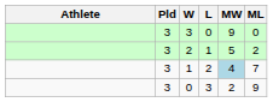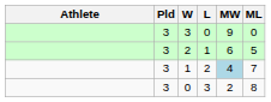 <table class="wikitable" style="text-align:center">
 <tr>
 <th width=200>Athlete</th>
 <th width=20>Pld</th>
 <th width=20>W</th>
 <th width=20>L</th>
 <th width=20>MW</th>
 <th width=20>ML</th>
 </tr>
 <tr bgcolor="ccffcc">
 <td style="text-align:left"></td>
 <td>3</td>
 <td>3</td>
 <td>0</td>
 <td>9</td>
 <td>0</td>
 </tr>
 <tr bgcolor="ccffcc">
 <td style="text-align:left"></td>
 <td>3</td>
 <td>2</td>
 <td>1</td>
+<td>6</td>
 <td>5</td>
-<td>2</td>
 </tr>
 <tr>
 <td style="text-align:left"></td>
 <td>3</td>
 <td>1</td>
 <td>2</td>
 <td style="background: lightblue;">4</td>
 <td>7</td>
 </tr>
 <tr>
 <td style="text-align:left"></td>
 <td>3</td>
 <td>0</td>
 <td>3</td>
 <td>2</td>
-<td>9</td>
+<td>8</td>
 </tr>
 </table>
